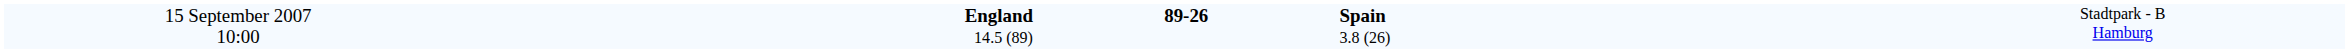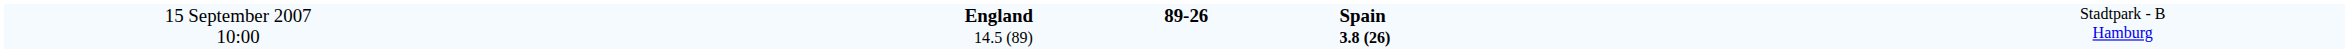 <table style="width: 100%; background:#F5FAFF;" cellspacing="0">
 <tr>
 <td align=center rowspan=3 width=20%>15 September 2007<br>10:00</td>
 </tr>
 <tr>
 <td width=24% align=right><strong>England</strong></td>
 <td align=center width=13%><strong>89-26</strong></td>
 <td width=24%><strong>Spain</strong></td>
 <td style=font-size:85% rowspan=3 valign=top align=center>Stadtpark - B <br><a href='#'>Hamburg</a></td>
 </tr>
 <tr style=font-size:85%>
 <td align=right>14.5 (89)</td>
 <td align=center></td>
-<td>3.8 (26)</td>
+<td><strong>3.8 (26)</strong></td>
 </tr>
 </table>
